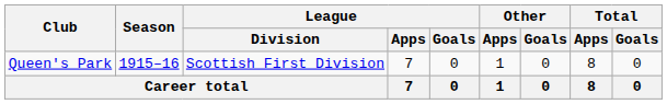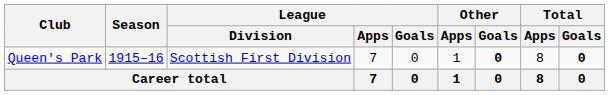 <table class="wikitable" style="text-align: center;">
 <tr>
 <th rowspan="2">Club</th>
 <th rowspan="2">Season</th>
 <th colspan="3">League</th>
 <th colspan="2">Other</th>
 <th colspan="2">Total</th>
 </tr>
 <tr>
 <th>Division</th>
 <th>Apps</th>
 <th>Goals</th>
 <th>Apps</th>
 <th>Goals</th>
 <th>Apps</th>
 <th>Goals</th>
 </tr>
 <tr>
 <td><a href='#'>Queen's Park</a></td>
 <td><a href='#'>1915–16</a></td>
 <td><a href='#'>Scottish First Division</a></td>
 <td>7</td>
 <td>0</td>
 <td>1</td>
-<td>0</td>
+<td><strong>0</strong></td>
 <td>8</td>
-<td>0</td>
+<td><strong>0</strong></td>
 </tr>
 <tr>
 <th colspan="3">Career total</th>
 <th>7</th>
 <th>0</th>
 <th>1</th>
 <th>0</th>
 <th>8</th>
 <th>0</th>
 </tr>
 </table>
